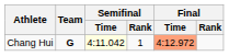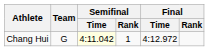 <table class="wikitable" style="font-size:90%">
 <tr>
 <th rowspan=2>Athlete</th>
 <th rowspan=2>Team</th>
 <th colspan=2>Semifinal</th>
 <th colspan=2>Final</th>
 </tr>
 <tr style="font-size:95%">
 <th>Time</th>
 <th>Rank</th>
 <th>Time</th>
 <th>Rank</th>
 </tr>
 <tr align=center>
 <td align="left" rowspan="2">Chang Hui</td>
-<td align="center"><strong>G</strong></td>
+<td align="center">G</td>
 <td style="background: lightyellow;">4:11.042</td>
 <td>1</td>
-<td style="background: lightsalmon;">4:12.972</td>
+<td>4:12.972</td>
 <td></td>
 </tr>
 </table>
